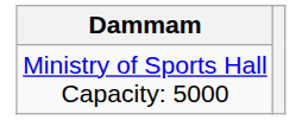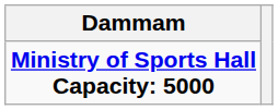 <table class="wikitable" style="text-align:center;margin:1em auto;">
 <tr>
 <th style="border-left:none; border-right;">Dammam</th>
 <th rowspan="6"></th>
 </tr>
 <tr>
-<td><a href='#'>Ministry of Sports Hall</a><br>Capacity: 5000</td>
+<td><strong><a href='#'>Ministry of Sports Hall</a><br>Capacity: 5000</strong></td>
 </tr>
 </table>
